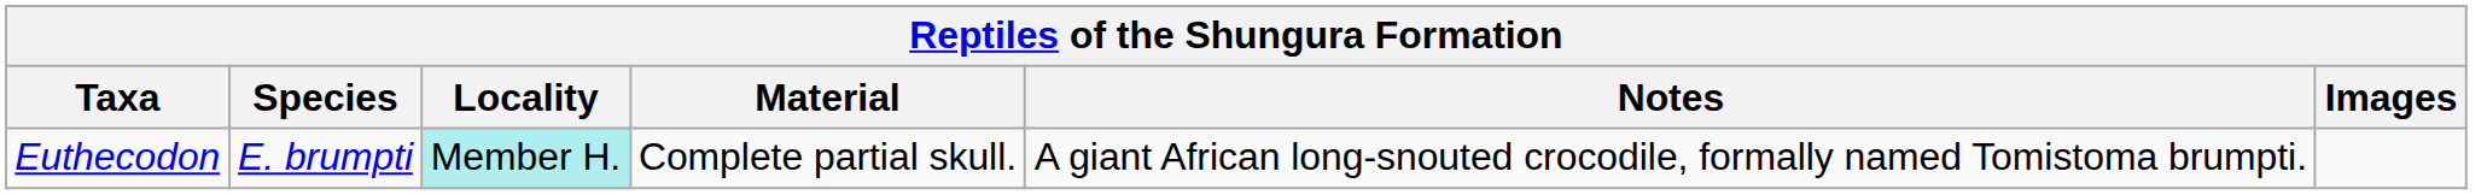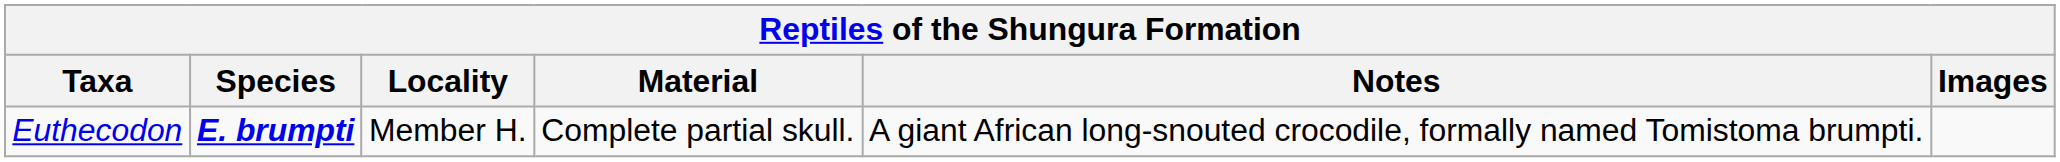 <table class="wikitable" align="center">
 <tr>
 <th colspan="7" align="center"><strong><a href='#'>Reptiles</a></strong> of the Shungura Formation</th>
 </tr>
 <tr>
 <th>Taxa</th>
 <th>Species</th>
 <th>Locality</th>
 <th>Material</th>
 <th>Notes</th>
 <th>Images</th>
 </tr>
 <tr>
 <td><em><a href='#'>Euthecodon</a></em></td>
-<td><em><a href='#'>E. brumpti</a></em></td>
-<td style="background: paleturquoise;">Member H.</td>
+<td><strong><em><a href='#'>E. brumpti</a></em></strong></td>
+<td>Member H.</td>
 <td>Complete partial skull.</td>
 <td>A giant African long-snouted crocodile, formally named Tomistoma brumpti.</td>
 <td></td>
 </tr>
 </table>
